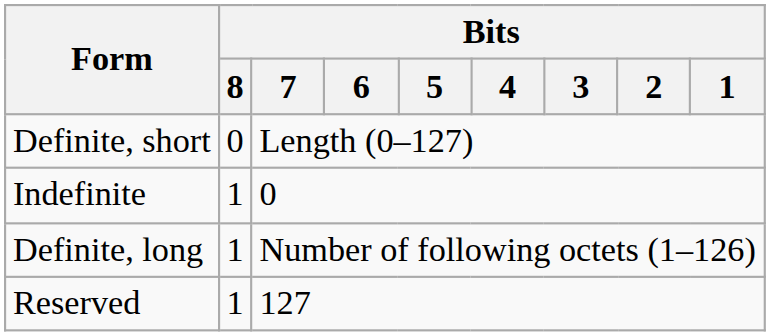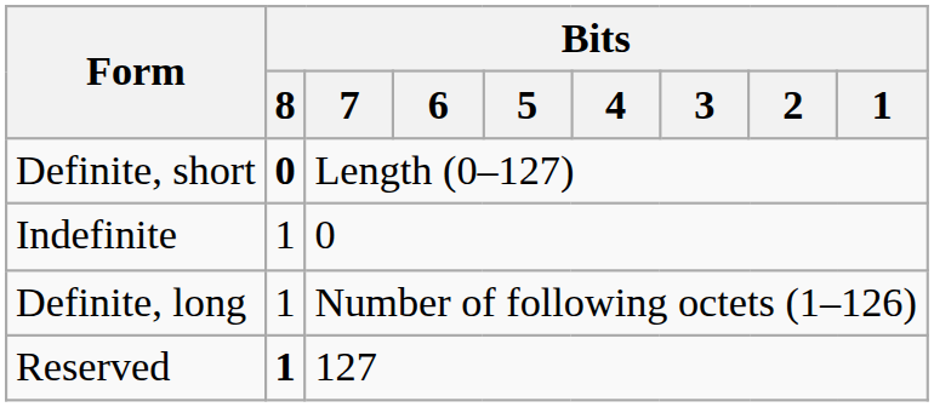 <table class="wikitable">
 <tr>
 <th rowspan=2>Form</th>
 <th colspan=8>Bits</th>
 </tr>
 <tr>
 <th>8</th>
 <th>7</th>
 <th>6</th>
 <th>5</th>
 <th>4</th>
 <th>3</th>
 <th>2</th>
 <th>1</th>
 </tr>
 <tr>
 <td>Definite, short</td>
-<td>0</td>
+<td><strong>0</strong></td>
 <td colspan=7>Length (0–127)</td>
 </tr>
 <tr>
 <td>Indefinite</td>
 <td>1</td>
 <td colspan=7>0</td>
 </tr>
 <tr>
 <td>Definite, long</td>
 <td>1</td>
 <td colspan=7>Number of following octets (1–126)</td>
 </tr>
 <tr>
 <td>Reserved</td>
-<td>1</td>
+<td><strong>1</strong></td>
 <td colspan=7>127</td>
 </tr>
 </table>
